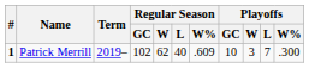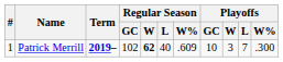 <table class="wikitable" style="text-align:center">
 <tr>
 <th rowspan="2">#</th>
 <th rowspan="2">Name</th>
 <th rowspan="2">Term</th>
 <th colspan="4">Regular Season</th>
 <th colspan="4">Playoffs</th>
 </tr>
 <tr>
 <th>GC</th>
 <th>W</th>
 <th>L</th>
 <th>W%</th>
 <th>GC</th>
 <th>W</th>
 <th>L</th>
 <th>W%</th>
 </tr>
 <tr>
-<td><strong>1</strong></td>
+<td>1</td>
 <td align=left><a href='#'>Patrick Merrill</a></td>
-<td><a href='#'>2019</a>–</td>
+<td><strong><a href='#'>2019</a>–</strong></td>
 <td>102</td>
-<td>62</td>
+<td><strong>62</strong></td>
 <td>40</td>
 <td>.609</td>
 <td>10</td>
 <td>3</td>
 <td>7</td>
 <td>.300</td>
 </tr>
 </table>
